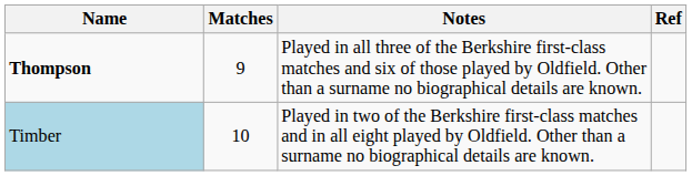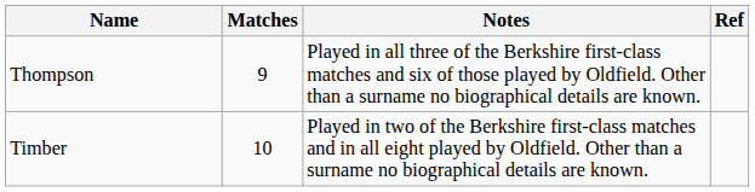 <table class="wikitable">
 <tr>
 <th style="width:170px">Name</th>
 <th>Matches</th>
 <th>Notes</th>
 <th>Ref</th>
 </tr>
 <tr>
-<td><strong>Thompson</strong></td>
+<td>Thompson</td>
 <td align=center>9</td>
 <td>Played in all three of the Berkshire first-class matches and six of those played by Oldfield. Other than a surname no biographical details are known.</td>
 <td></td>
 </tr>
 <tr>
-<td style="background: lightblue;">Timber</td>
+<td>Timber</td>
 <td align=center>10</td>
 <td>Played in two of the Berkshire first-class matches and in all eight played by Oldfield. Other than a surname no biographical details are known.</td>
 <td></td>
 </tr>
 </table>
